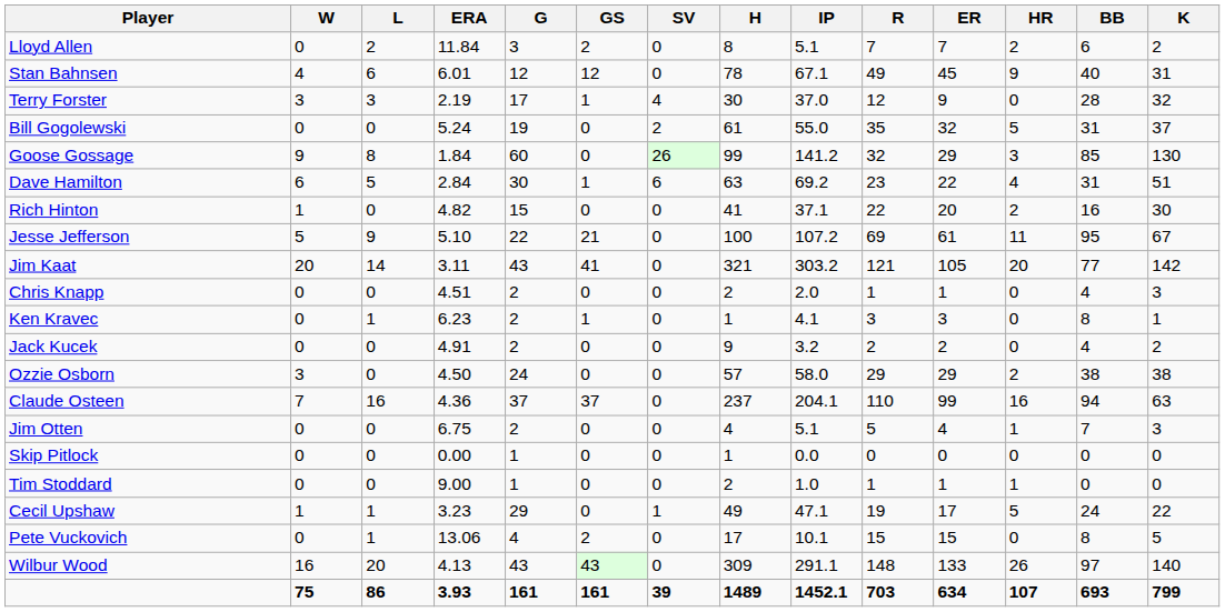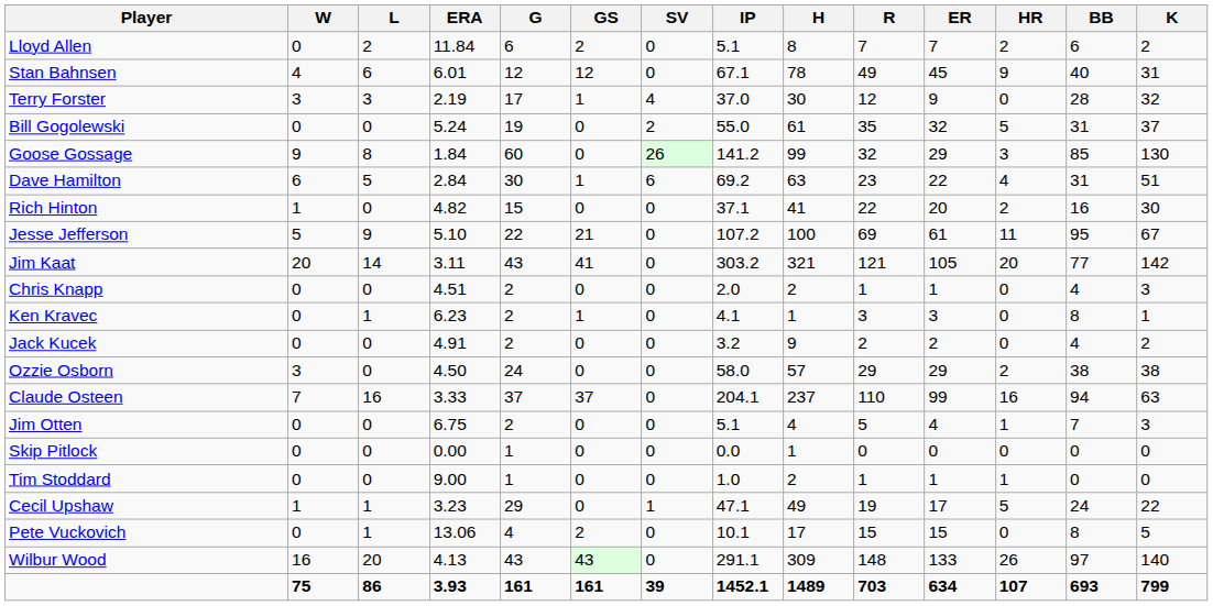 <table class="wikitable sortable">
 <tr>
 <th bgcolor="#DDDDFF" width="20%">Player</th>
 <th bgcolor="#DDDDFF" width="5%">W</th>
 <th bgcolor="#DDDDFF" width="5%">L</th>
 <th bgcolor="#DDDDFF" width="5%">ERA</th>
 <th bgcolor="#DDDDFF" width="5%">G</th>
 <th bgcolor="#DDDDFF" width="5%">GS</th>
 <th bgcolor="#DDDDFF" width="5%">SV</th>
+<th bgcolor="#DDDDFF" width="5%">IP</th>
 <th bgcolor="#DDDDFF" width="5%">H</th>
-<th bgcolor="#DDDDFF" width="5%">IP</th>
 <th bgcolor="#DDDDFF" width="5%">R</th>
 <th bgcolor="#DDDDFF" width="5%">ER</th>
 <th bgcolor="#DDDDFF" width="5%">HR</th>
 <th bgcolor="#DDDDFF" width="5%">BB</th>
 <th bgcolor="#DDDDFF" width="5%">K</th>
 </tr>
 <tr>
 <td><a href='#'>Lloyd Allen</a></td>
 <td>0</td>
 <td>2</td>
 <td>11.84</td>
-<td>3</td>
+<td>6</td>
 <td>2</td>
 <td>0</td>
+<td>5.1</td>
 <td>8</td>
-<td>5.1</td>
 <td>7</td>
 <td>7</td>
 <td>2</td>
 <td>6</td>
 <td>2</td>
 </tr>
 <tr>
 <td><a href='#'>Stan Bahnsen</a></td>
 <td>4</td>
 <td>6</td>
 <td>6.01</td>
 <td>12</td>
 <td>12</td>
 <td>0</td>
+<td>67.1</td>
 <td>78</td>
-<td>67.1</td>
 <td>49</td>
 <td>45</td>
 <td>9</td>
 <td>40</td>
 <td>31</td>
 </tr>
 <tr>
 <td><a href='#'>Terry Forster</a></td>
 <td>3</td>
 <td>3</td>
 <td>2.19</td>
 <td>17</td>
 <td>1</td>
 <td>4</td>
+<td>37.0</td>
 <td>30</td>
-<td>37.0</td>
 <td>12</td>
 <td>9</td>
 <td>0</td>
 <td>28</td>
 <td>32</td>
 </tr>
 <tr>
 <td><a href='#'>Bill Gogolewski</a></td>
 <td>0</td>
 <td>0</td>
 <td>5.24</td>
 <td>19</td>
 <td>0</td>
 <td>2</td>
+<td>55.0</td>
 <td>61</td>
-<td>55.0</td>
 <td>35</td>
 <td>32</td>
 <td>5</td>
 <td>31</td>
 <td>37</td>
 </tr>
 <tr>
 <td><a href='#'>Goose Gossage</a></td>
 <td>9</td>
 <td>8</td>
 <td>1.84</td>
 <td>60</td>
 <td>0</td>
 <td style="background:#DDFFDD;">26</td>
+<td>141.2</td>
 <td>99</td>
-<td>141.2</td>
 <td>32</td>
 <td>29</td>
 <td>3</td>
 <td>85</td>
 <td>130</td>
 </tr>
 <tr>
 <td><a href='#'>Dave Hamilton</a></td>
 <td>6</td>
 <td>5</td>
 <td>2.84</td>
 <td>30</td>
 <td>1</td>
 <td>6</td>
+<td>69.2</td>
 <td>63</td>
-<td>69.2</td>
 <td>23</td>
 <td>22</td>
 <td>4</td>
 <td>31</td>
 <td>51</td>
 </tr>
 <tr>
 <td><a href='#'>Rich Hinton</a></td>
 <td>1</td>
 <td>0</td>
 <td>4.82</td>
 <td>15</td>
 <td>0</td>
 <td>0</td>
+<td>37.1</td>
 <td>41</td>
-<td>37.1</td>
 <td>22</td>
 <td>20</td>
 <td>2</td>
 <td>16</td>
 <td>30</td>
 </tr>
 <tr>
 <td><a href='#'>Jesse Jefferson</a></td>
 <td>5</td>
 <td>9</td>
 <td>5.10</td>
 <td>22</td>
 <td>21</td>
 <td>0</td>
+<td>107.2</td>
 <td>100</td>
-<td>107.2</td>
 <td>69</td>
 <td>61</td>
 <td>11</td>
 <td>95</td>
 <td>67</td>
 </tr>
 <tr>
 <td><a href='#'>Jim Kaat</a></td>
 <td>20</td>
 <td>14</td>
 <td>3.11</td>
 <td>43</td>
 <td>41</td>
 <td>0</td>
+<td>303.2</td>
 <td>321</td>
-<td>303.2</td>
 <td>121</td>
 <td>105</td>
 <td>20</td>
 <td>77</td>
 <td>142</td>
 </tr>
 <tr>
 <td><a href='#'>Chris Knapp</a></td>
 <td>0</td>
 <td>0</td>
 <td>4.51</td>
 <td>2</td>
 <td>0</td>
 <td>0</td>
+<td>2.0</td>
 <td>2</td>
-<td>2.0</td>
 <td>1</td>
 <td>1</td>
 <td>0</td>
 <td>4</td>
 <td>3</td>
 </tr>
 <tr>
 <td><a href='#'>Ken Kravec</a></td>
 <td>0</td>
 <td>1</td>
 <td>6.23</td>
 <td>2</td>
 <td>1</td>
 <td>0</td>
+<td>4.1</td>
 <td>1</td>
-<td>4.1</td>
 <td>3</td>
 <td>3</td>
 <td>0</td>
 <td>8</td>
 <td>1</td>
 </tr>
 <tr>
 <td><a href='#'>Jack Kucek</a></td>
 <td>0</td>
 <td>0</td>
 <td>4.91</td>
 <td>2</td>
 <td>0</td>
 <td>0</td>
+<td>3.2</td>
 <td>9</td>
-<td>3.2</td>
 <td>2</td>
 <td>2</td>
 <td>0</td>
 <td>4</td>
 <td>2</td>
 </tr>
 <tr>
 <td><a href='#'>Ozzie Osborn</a></td>
 <td>3</td>
 <td>0</td>
 <td>4.50</td>
 <td>24</td>
 <td>0</td>
 <td>0</td>
+<td>58.0</td>
 <td>57</td>
-<td>58.0</td>
 <td>29</td>
 <td>29</td>
 <td>2</td>
 <td>38</td>
 <td>38</td>
 </tr>
 <tr>
 <td><a href='#'>Claude Osteen</a></td>
 <td>7</td>
 <td>16</td>
-<td>4.36</td>
+<td>3.33</td>
 <td>37</td>
 <td>37</td>
 <td>0</td>
+<td>204.1</td>
 <td>237</td>
-<td>204.1</td>
 <td>110</td>
 <td>99</td>
 <td>16</td>
 <td>94</td>
 <td>63</td>
 </tr>
 <tr>
 <td><a href='#'>Jim Otten</a></td>
 <td>0</td>
 <td>0</td>
 <td>6.75</td>
 <td>2</td>
 <td>0</td>
 <td>0</td>
+<td>5.1</td>
 <td>4</td>
-<td>5.1</td>
 <td>5</td>
 <td>4</td>
 <td>1</td>
 <td>7</td>
 <td>3</td>
 </tr>
 <tr>
 <td><a href='#'>Skip Pitlock</a></td>
 <td>0</td>
 <td>0</td>
 <td>0.00</td>
 <td>1</td>
 <td>0</td>
 <td>0</td>
+<td>0.0</td>
 <td>1</td>
-<td>0.0</td>
 <td>0</td>
 <td>0</td>
 <td>0</td>
 <td>0</td>
 <td>0</td>
 </tr>
 <tr>
 <td><a href='#'>Tim Stoddard</a></td>
 <td>0</td>
 <td>0</td>
 <td>9.00</td>
 <td>1</td>
 <td>0</td>
 <td>0</td>
+<td>1.0</td>
 <td>2</td>
-<td>1.0</td>
 <td>1</td>
 <td>1</td>
 <td>1</td>
 <td>0</td>
 <td>0</td>
 </tr>
 <tr>
 <td><a href='#'>Cecil Upshaw</a></td>
 <td>1</td>
 <td>1</td>
 <td>3.23</td>
 <td>29</td>
 <td>0</td>
 <td>1</td>
+<td>47.1</td>
 <td>49</td>
-<td>47.1</td>
 <td>19</td>
 <td>17</td>
 <td>5</td>
 <td>24</td>
 <td>22</td>
 </tr>
 <tr>
 <td><a href='#'>Pete Vuckovich</a></td>
 <td>0</td>
 <td>1</td>
 <td>13.06</td>
 <td>4</td>
 <td>2</td>
 <td>0</td>
+<td>10.1</td>
 <td>17</td>
-<td>10.1</td>
 <td>15</td>
 <td>15</td>
 <td>0</td>
 <td>8</td>
 <td>5</td>
 </tr>
 <tr>
 <td><a href='#'>Wilbur Wood</a></td>
 <td>16</td>
 <td>20</td>
 <td>4.13</td>
 <td>43</td>
 <td style="background:#DDFFDD;">43</td>
 <td>0</td>
+<td>291.1</td>
 <td>309</td>
-<td>291.1</td>
 <td>148</td>
 <td>133</td>
 <td>26</td>
 <td>97</td>
 <td>140</td>
 </tr>
 <tr class="sortbottom">
 <td></td>
 <td><strong>75</strong></td>
 <td><strong>86</strong></td>
 <td><strong>3.93</strong></td>
 <td><strong>161</strong></td>
 <td><strong>161</strong></td>
 <td><strong>39</strong></td>
+<td><strong>1452.1</strong></td>
 <td><strong>1489</strong></td>
-<td><strong>1452.1</strong></td>
 <td><strong>703</strong></td>
 <td><strong>634</strong></td>
 <td><strong>107</strong></td>
 <td><strong>693</strong></td>
 <td><strong>799</strong></td>
 </tr>
 </table>
